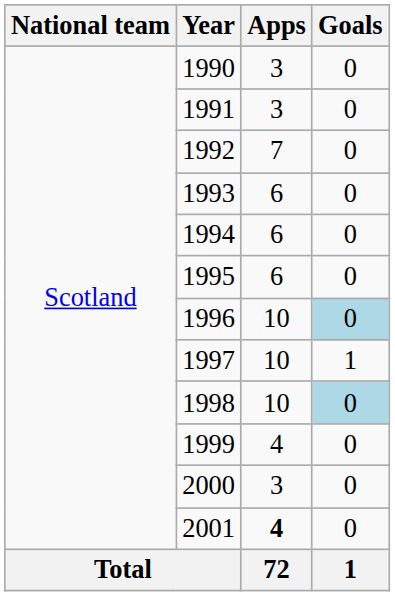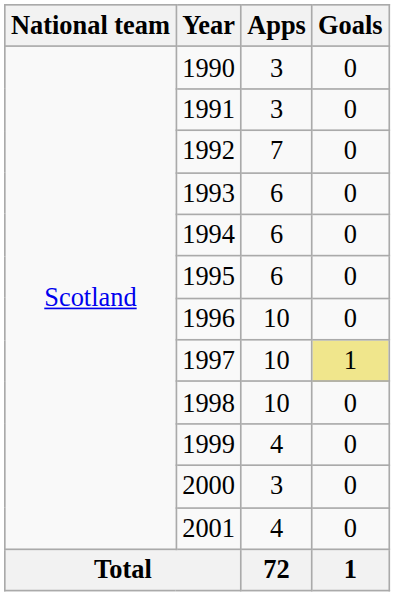 <table class="wikitable" style="text-align:center">
 <tr>
 <th>National team</th>
 <th>Year</th>
 <th>Apps</th>
 <th>Goals</th>
 </tr>
 <tr>
 <td rowspan="12"><a href='#'>Scotland</a></td>
 <td>1990</td>
 <td>3</td>
 <td>0</td>
 </tr>
 <tr>
 <td>1991</td>
 <td>3</td>
 <td>0</td>
 </tr>
 <tr>
 <td>1992</td>
 <td>7</td>
 <td>0</td>
 </tr>
 <tr>
 <td>1993</td>
 <td>6</td>
 <td>0</td>
 </tr>
 <tr>
 <td>1994</td>
 <td>6</td>
 <td>0</td>
 </tr>
 <tr>
 <td>1995</td>
 <td>6</td>
 <td>0</td>
 </tr>
 <tr>
 <td>1996</td>
 <td>10</td>
-<td style="background: lightblue;">0</td>
+<td>0</td>
 </tr>
 <tr>
 <td>1997</td>
 <td>10</td>
-<td>1</td>
+<td style="background: khaki;">1</td>
 </tr>
 <tr>
 <td>1998</td>
 <td>10</td>
-<td style="background: lightblue;">0</td>
+<td>0</td>
 </tr>
 <tr>
 <td>1999</td>
 <td>4</td>
 <td>0</td>
 </tr>
 <tr>
 <td>2000</td>
 <td>3</td>
 <td>0</td>
 </tr>
 <tr>
 <td>2001</td>
-<td><strong>4</strong></td>
+<td>4</td>
 <td>0</td>
 </tr>
 <tr>
 <th colspan="2">Total</th>
 <th>72</th>
 <th>1</th>
 </tr>
 </table>
